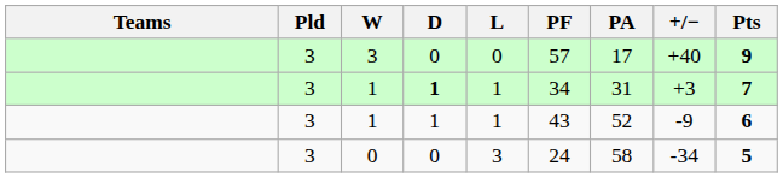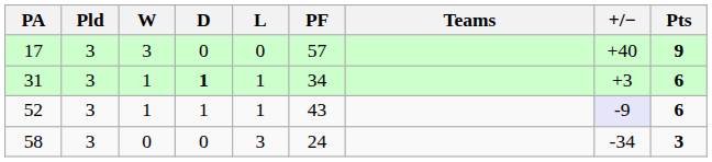 <table class="wikitable" style="text-align: center;">
 <tr>
-<th width="200">Teams</th>
+<th width="40">PA</th>
 <th width="40">Pld</th>
 <th width="40">W</th>
 <th width="40">D</th>
 <th width="40">L</th>
 <th width="40">PF</th>
-<th width="40">PA</th>
+<th width="200">Teams</th>
 <th width="40">+/−</th>
 <th width="40">Pts</th>
 </tr>
 <tr bgcolor=ccffcc>
-<td align=left></td>
+<td>17</td>
 <td>3</td>
 <td>3</td>
 <td>0</td>
 <td>0</td>
 <td>57</td>
-<td>17</td>
+<td align=left></td>
 <td>+40</td>
 <td><strong>9</strong></td>
 </tr>
 <tr bgcolor=ccffcc>
-<td align=left></td>
+<td>31</td>
 <td>3</td>
 <td>1</td>
 <td><strong>1</strong></td>
 <td>1</td>
 <td>34</td>
-<td>31</td>
+<td align=left></td>
 <td>+3</td>
-<td><strong>7</strong></td>
+<td><strong>6</strong></td>
 </tr>
 <tr>
-<td align=left></td>
+<td>52</td>
 <td>3</td>
 <td>1</td>
 <td>1</td>
 <td>1</td>
 <td>43</td>
-<td>52</td>
-<td>-9</td>
+<td align=left></td>
+<td style="background: lavender;">-9</td>
 <td><strong>6</strong></td>
 </tr>
 <tr>
-<td align=left></td>
+<td>58</td>
 <td>3</td>
 <td>0</td>
 <td>0</td>
 <td>3</td>
 <td>24</td>
-<td>58</td>
+<td align=left></td>
 <td>-34</td>
-<td><strong>5</strong></td>
+<td><strong>3</strong></td>
 </tr>
 </table>
